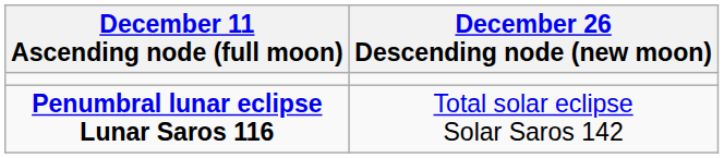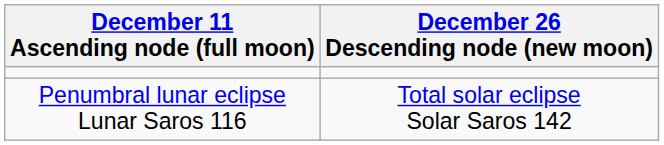 <table class="wikitable">
 <tr>
 <th><a href='#'>December 11</a><br>Ascending node (full moon)<br></th>
 <th><a href='#'>December 26</a><br>Descending node (new moon)<br></th>
 </tr>
 <tr>
 <td></td>
 <td></td>
 </tr>
 <tr align=center>
-<td><strong><a href='#'>Penumbral lunar eclipse</a><br>Lunar Saros 116</strong></td>
+<td><a href='#'>Penumbral lunar eclipse</a><br>Lunar Saros 116</td>
 <td><a href='#'>Total solar eclipse</a><br>Solar Saros 142</td>
 </tr>
 </table>
